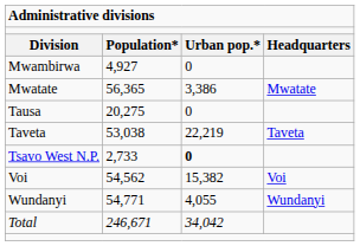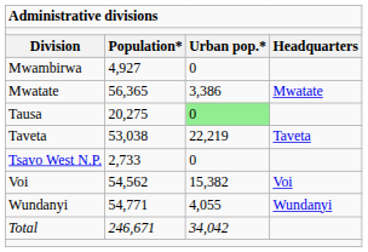 <table class="wikitable">
 <tr>
 <td colspan="4"><strong>Administrative divisions</strong></td>
 </tr>
 <tr>
 <td colspan="4"></td>
 </tr>
 <tr>
 <th>Division</th>
 <th>Population*</th>
 <th>Urban pop.*</th>
 <th>Headquarters</th>
 </tr>
 <tr>
 <td>Mwambirwa</td>
 <td>4,927</td>
 <td>0</td>
 <td></td>
 </tr>
 <tr>
 <td>Mwatate</td>
 <td>56,365</td>
 <td>3,386</td>
 <td><a href='#'>Mwatate</a></td>
 </tr>
 <tr>
 <td>Tausa</td>
 <td>20,275</td>
-<td>0</td>
+<td style="background: lightgreen;">0</td>
 <td></td>
 </tr>
 <tr>
 <td>Taveta</td>
 <td>53,038</td>
 <td>22,219</td>
 <td><a href='#'>Taveta</a></td>
 </tr>
 <tr>
 <td><a href='#'>Tsavo West N.P.</a></td>
 <td>2,733</td>
-<td><strong>0</strong></td>
+<td>0</td>
 <td></td>
 </tr>
 <tr>
 <td>Voi</td>
 <td>54,562</td>
 <td>15,382</td>
 <td><a href='#'>Voi</a></td>
 </tr>
 <tr>
 <td>Wundanyi</td>
 <td>54,771</td>
 <td>4,055</td>
 <td><a href='#'>Wundanyi</a></td>
 </tr>
 <tr>
 <td><em>Total</em></td>
 <td><em>246,671</em></td>
 <td><em>34,042</em></td>
 <td></td>
 </tr>
 <tr>
 <td colspan="4"></td>
 </tr>
 </table>
